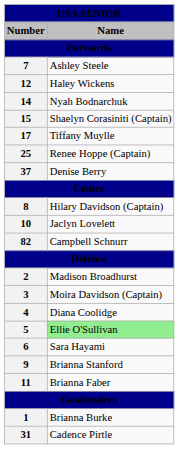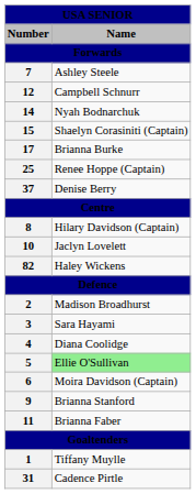 <table class="wikitable" style="text-align:left; font-size:90%;">
 <tr>
 <th style=background:DarkBlue colspan=2><span>USA SENIOR</span></th>
 </tr>
 <tr>
 <th width=10 style="background:silver;">Number</th>
 <th style="background:silver;">Name</th>
 </tr>
 <tr>
 <th style=background:DarkBlue colspan=2><span>Forwards</span></th>
 </tr>
 <tr>
 <th>7</th>
 <td>Ashley Steele</td>
 </tr>
 <tr>
 <th>12</th>
-<td>Haley Wickens</td>
+<td>Campbell Schnurr</td>
 </tr>
 <tr>
 <th>14</th>
 <td>Nyah Bodnarchuk</td>
 </tr>
 <tr>
 <th>15</th>
 <td>Shaelyn Corasiniti (Captain)</td>
 </tr>
 <tr>
 <th>17</th>
-<td>Tiffany Muylle</td>
+<td>Brianna Burke</td>
 </tr>
 <tr>
 <th>25</th>
 <td>Renee Hoppe (Captain)</td>
 </tr>
 <tr>
 <th>37</th>
 <td>Denise Berry</td>
 </tr>
 <tr>
 <th style=background:DarkBlue colspan=2><span>Centre</span></th>
 </tr>
 <tr>
 <th>8</th>
 <td>Hilary Davidson (Captain)</td>
 </tr>
 <tr>
 <th>10</th>
 <td>Jaclyn Lovelett</td>
 </tr>
 <tr>
 <th>82</th>
-<td>Campbell Schnurr</td>
+<td>Haley Wickens</td>
 </tr>
 <tr>
 <th style=background:DarkBlue colspan=2><span>Defence</span></th>
 </tr>
 <tr>
 <th>2</th>
 <td>Madison Broadhurst</td>
 </tr>
 <tr>
 <th>3</th>
-<td>Moira Davidson (Captain)</td>
+<td>Sara Hayami</td>
 </tr>
 <tr>
 <th>4</th>
 <td>Diana Coolidge</td>
 </tr>
 <tr>
 <th>5</th>
 <td style="background: lightgreen;">Ellie O'Sullivan</td>
 </tr>
 <tr>
 <th>6</th>
-<td>Sara Hayami</td>
+<td>Moira Davidson (Captain)</td>
 </tr>
 <tr>
 <th>9</th>
 <td>Brianna Stanford</td>
 </tr>
 <tr>
 <th>11</th>
 <td>Brianna Faber</td>
 </tr>
 <tr>
 <th style=background:DarkBlue colspan=4><span>Goaltenders</span></th>
 </tr>
 <tr>
 <th>1</th>
-<td>Brianna Burke</td>
+<td>Tiffany Muylle</td>
 </tr>
 <tr>
 <th>31</th>
 <td>Cadence Pirtle</td>
 </tr>
 </table>
